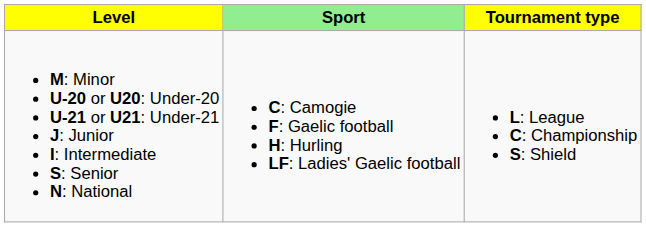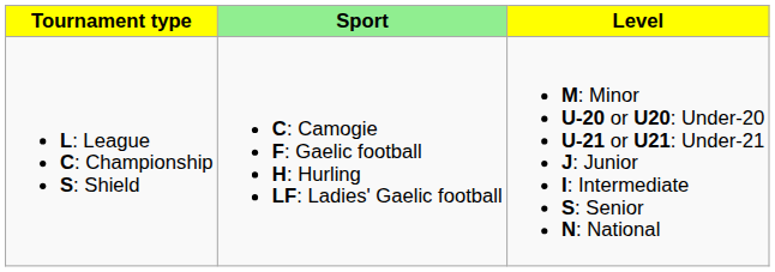 <table class="wikitable">
 <tr>
+<th style="background:yellow;">Tournament type</th>
+<th style="background:lightgreen;">Sport</th>
 <th style="background:yellow;">Level</th>
-<th style="background:lightgreen;">Sport</th>
-<th style="background:yellow;">Tournament type</th>
 </tr>
 <tr>
+<td><br><ul><li><strong>L</strong>: League</li><li><strong>C</strong>: Championship</li><li><strong>S</strong>: Shield</li></ul></td>
+<td><br><ul><li><strong>C</strong>: Camogie</li><li><strong>F</strong>: Gaelic football</li><li><strong>H</strong>: Hurling</li><li><strong>LF</strong>: Ladies' Gaelic football</li></ul></td>
 <td><br><ul><li><strong>M</strong>: Minor</li><li><strong>U-20</strong> or <strong>U20</strong>: Under-20</li><li><strong>U-21</strong> or <strong>U21</strong>: Under-21</li><li><strong>J</strong>: Junior</li><li><strong>I</strong>: Intermediate</li><li><strong>S</strong>: Senior</li><li><strong>N</strong>: National</li></ul></td>
-<td><br><ul><li><strong>C</strong>: Camogie</li><li><strong>F</strong>: Gaelic football</li><li><strong>H</strong>: Hurling</li><li><strong>LF</strong>: Ladies' Gaelic football</li></ul></td>
-<td><br><ul><li><strong>L</strong>: League</li><li><strong>C</strong>: Championship</li><li><strong>S</strong>: Shield</li></ul></td>
 </tr>
 </table>
